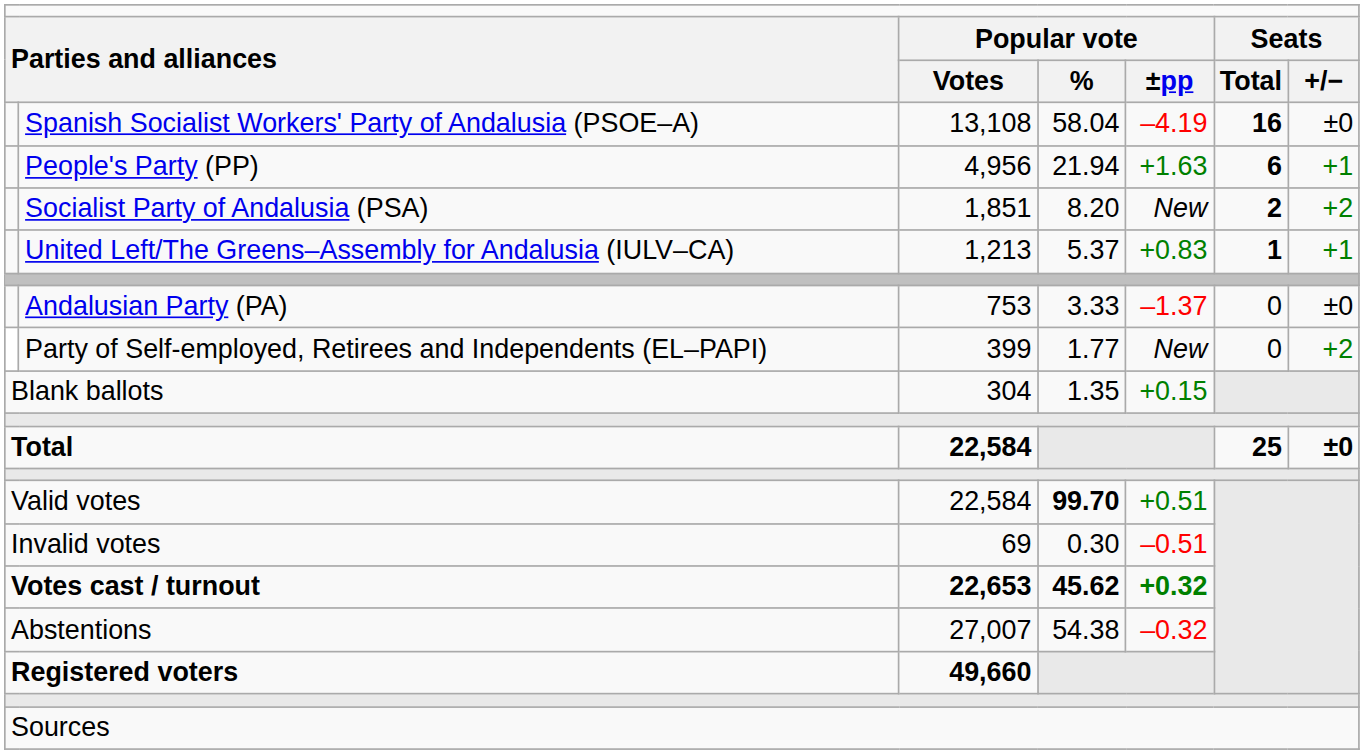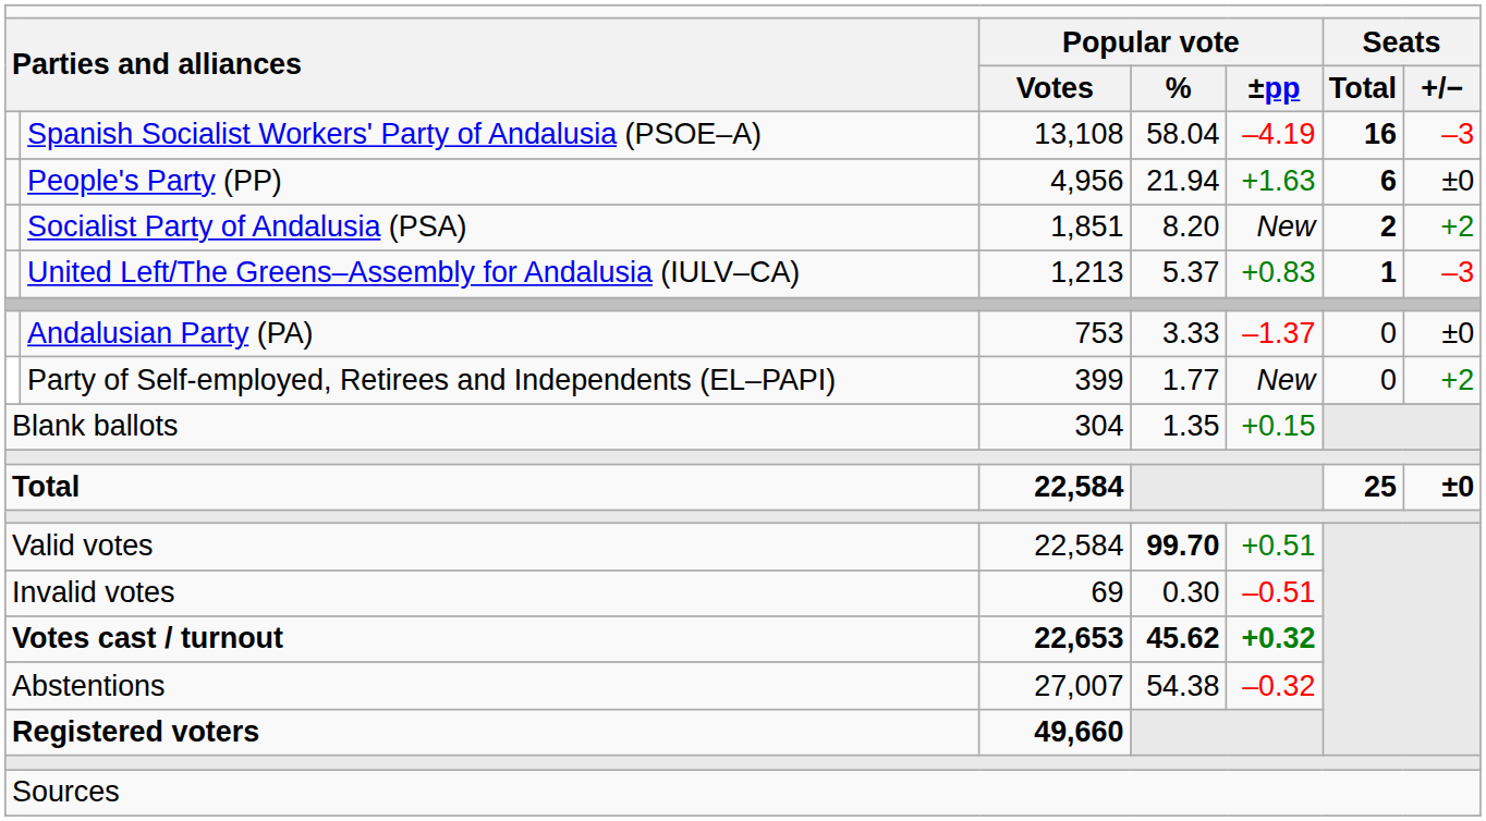 <table class="wikitable" style="text-align:right;">
 <tr>
 <td colspan="7"></td>
 </tr>
 <tr>
 <th style="text-align:left;" rowspan="2" colspan="2" width="525">Parties and alliances</th>
 <th colspan="3">Popular vote</th>
 <th colspan="2">Seats</th>
 </tr>
 <tr>
 <th width="75">Votes</th>
 <th width="45">%</th>
 <th width="45">±<a href='#'>pp</a></th>
 <th width="35">Total</th>
 <th width="35">+/−</th>
 </tr>
 <tr>
 <td width="1" style="color:inherit;background:"></td>
 <td align="left"><a href='#'>Spanish Socialist Workers' Party of Andalusia</a> (PSOE–A)</td>
 <td>13,108</td>
 <td>58.04</td>
 <td style="color:red;">–4.19</td>
 <td><strong>16</strong></td>
-<td>±0</td>
+<td style="color:red;">–3</td>
 </tr>
 <tr>
 <td style="color:inherit;background:"></td>
 <td align="left"><a href='#'>People's Party</a> (PP)</td>
 <td>4,956</td>
 <td>21.94</td>
 <td style="color:green;">+1.63</td>
 <td><strong>6</strong></td>
-<td style="color:green;">+1</td>
+<td>±0</td>
 </tr>
 <tr>
 <td style="color:inherit;background:"></td>
 <td align="left"><a href='#'>Socialist Party of Andalusia</a> (PSA)</td>
 <td>1,851</td>
 <td>8.20</td>
 <td><em>New</em></td>
 <td><strong>2</strong></td>
 <td style="color:green;">+2</td>
 </tr>
 <tr>
 <td style="color:inherit;background:"></td>
 <td align="left"><a href='#'>United Left/The Greens–Assembly for Andalusia</a> (IULV–CA)</td>
 <td>1,213</td>
 <td>5.37</td>
 <td style="color:green;">+0.83</td>
 <td><strong>1</strong></td>
-<td style="color:green;">+1</td>
+<td style="color:red;">–3</td>
 </tr>
 <tr>
 <td colspan="7" bgcolor="#C0C0C0"></td>
 </tr>
 <tr>
 <td style="color:inherit;background:"></td>
 <td align="left"><a href='#'>Andalusian Party</a> (PA)</td>
 <td>753</td>
 <td>3.33</td>
 <td style="color:red;">–1.37</td>
 <td>0</td>
 <td>±0</td>
 </tr>
 <tr>
 <td bgcolor="white"></td>
 <td align="left">Party of Self-employed, Retirees and Independents (EL–PAPI)</td>
 <td>399</td>
 <td>1.77</td>
 <td><em>New</em></td>
 <td>0</td>
 <td style="color:green;">+2</td>
 </tr>
 <tr>
 <td align="left" colspan="2">Blank ballots</td>
 <td>304</td>
 <td>1.35</td>
 <td style="color:green;">+0.15</td>
 <td bgcolor="#E9E9E9" colspan="2"></td>
 </tr>
 <tr>
 <td colspan="7" bgcolor="#E9E9E9"></td>
 </tr>
 <tr style="font-weight:bold;">
 <td align="left" colspan="2">Total</td>
 <td>22,584</td>
 <td bgcolor="#E9E9E9" colspan="2"></td>
 <td>25</td>
 <td>±0</td>
 </tr>
 <tr>
 <td colspan="7" bgcolor="#E9E9E9"></td>
 </tr>
 <tr>
 <td align="left" colspan="2">Valid votes</td>
 <td>22,584</td>
 <td><strong>99.70</strong></td>
 <td style="color:green;">+0.51</td>
 <td bgcolor="#E9E9E9" colspan="2" rowspan="5"></td>
 </tr>
 <tr>
 <td align="left" colspan="2">Invalid votes</td>
 <td>69</td>
 <td>0.30</td>
 <td style="color:red;">–0.51</td>
 </tr>
 <tr style="font-weight:bold;">
 <td align="left" colspan="2">Votes cast / turnout</td>
 <td>22,653</td>
 <td>45.62</td>
 <td style="color:green;">+0.32</td>
 </tr>
 <tr>
 <td align="left" colspan="2">Abstentions</td>
 <td>27,007</td>
 <td>54.38</td>
 <td style="color:red;">–0.32</td>
 </tr>
 <tr style="font-weight:bold;">
 <td align="left" colspan="2">Registered voters</td>
 <td>49,660</td>
 <td bgcolor="#E9E9E9" colspan="2"></td>
 </tr>
 <tr>
 <td colspan="7" bgcolor="#E9E9E9"></td>
 </tr>
 <tr>
 <td align="left" colspan="7">Sources</td>
 </tr>
 </table>
